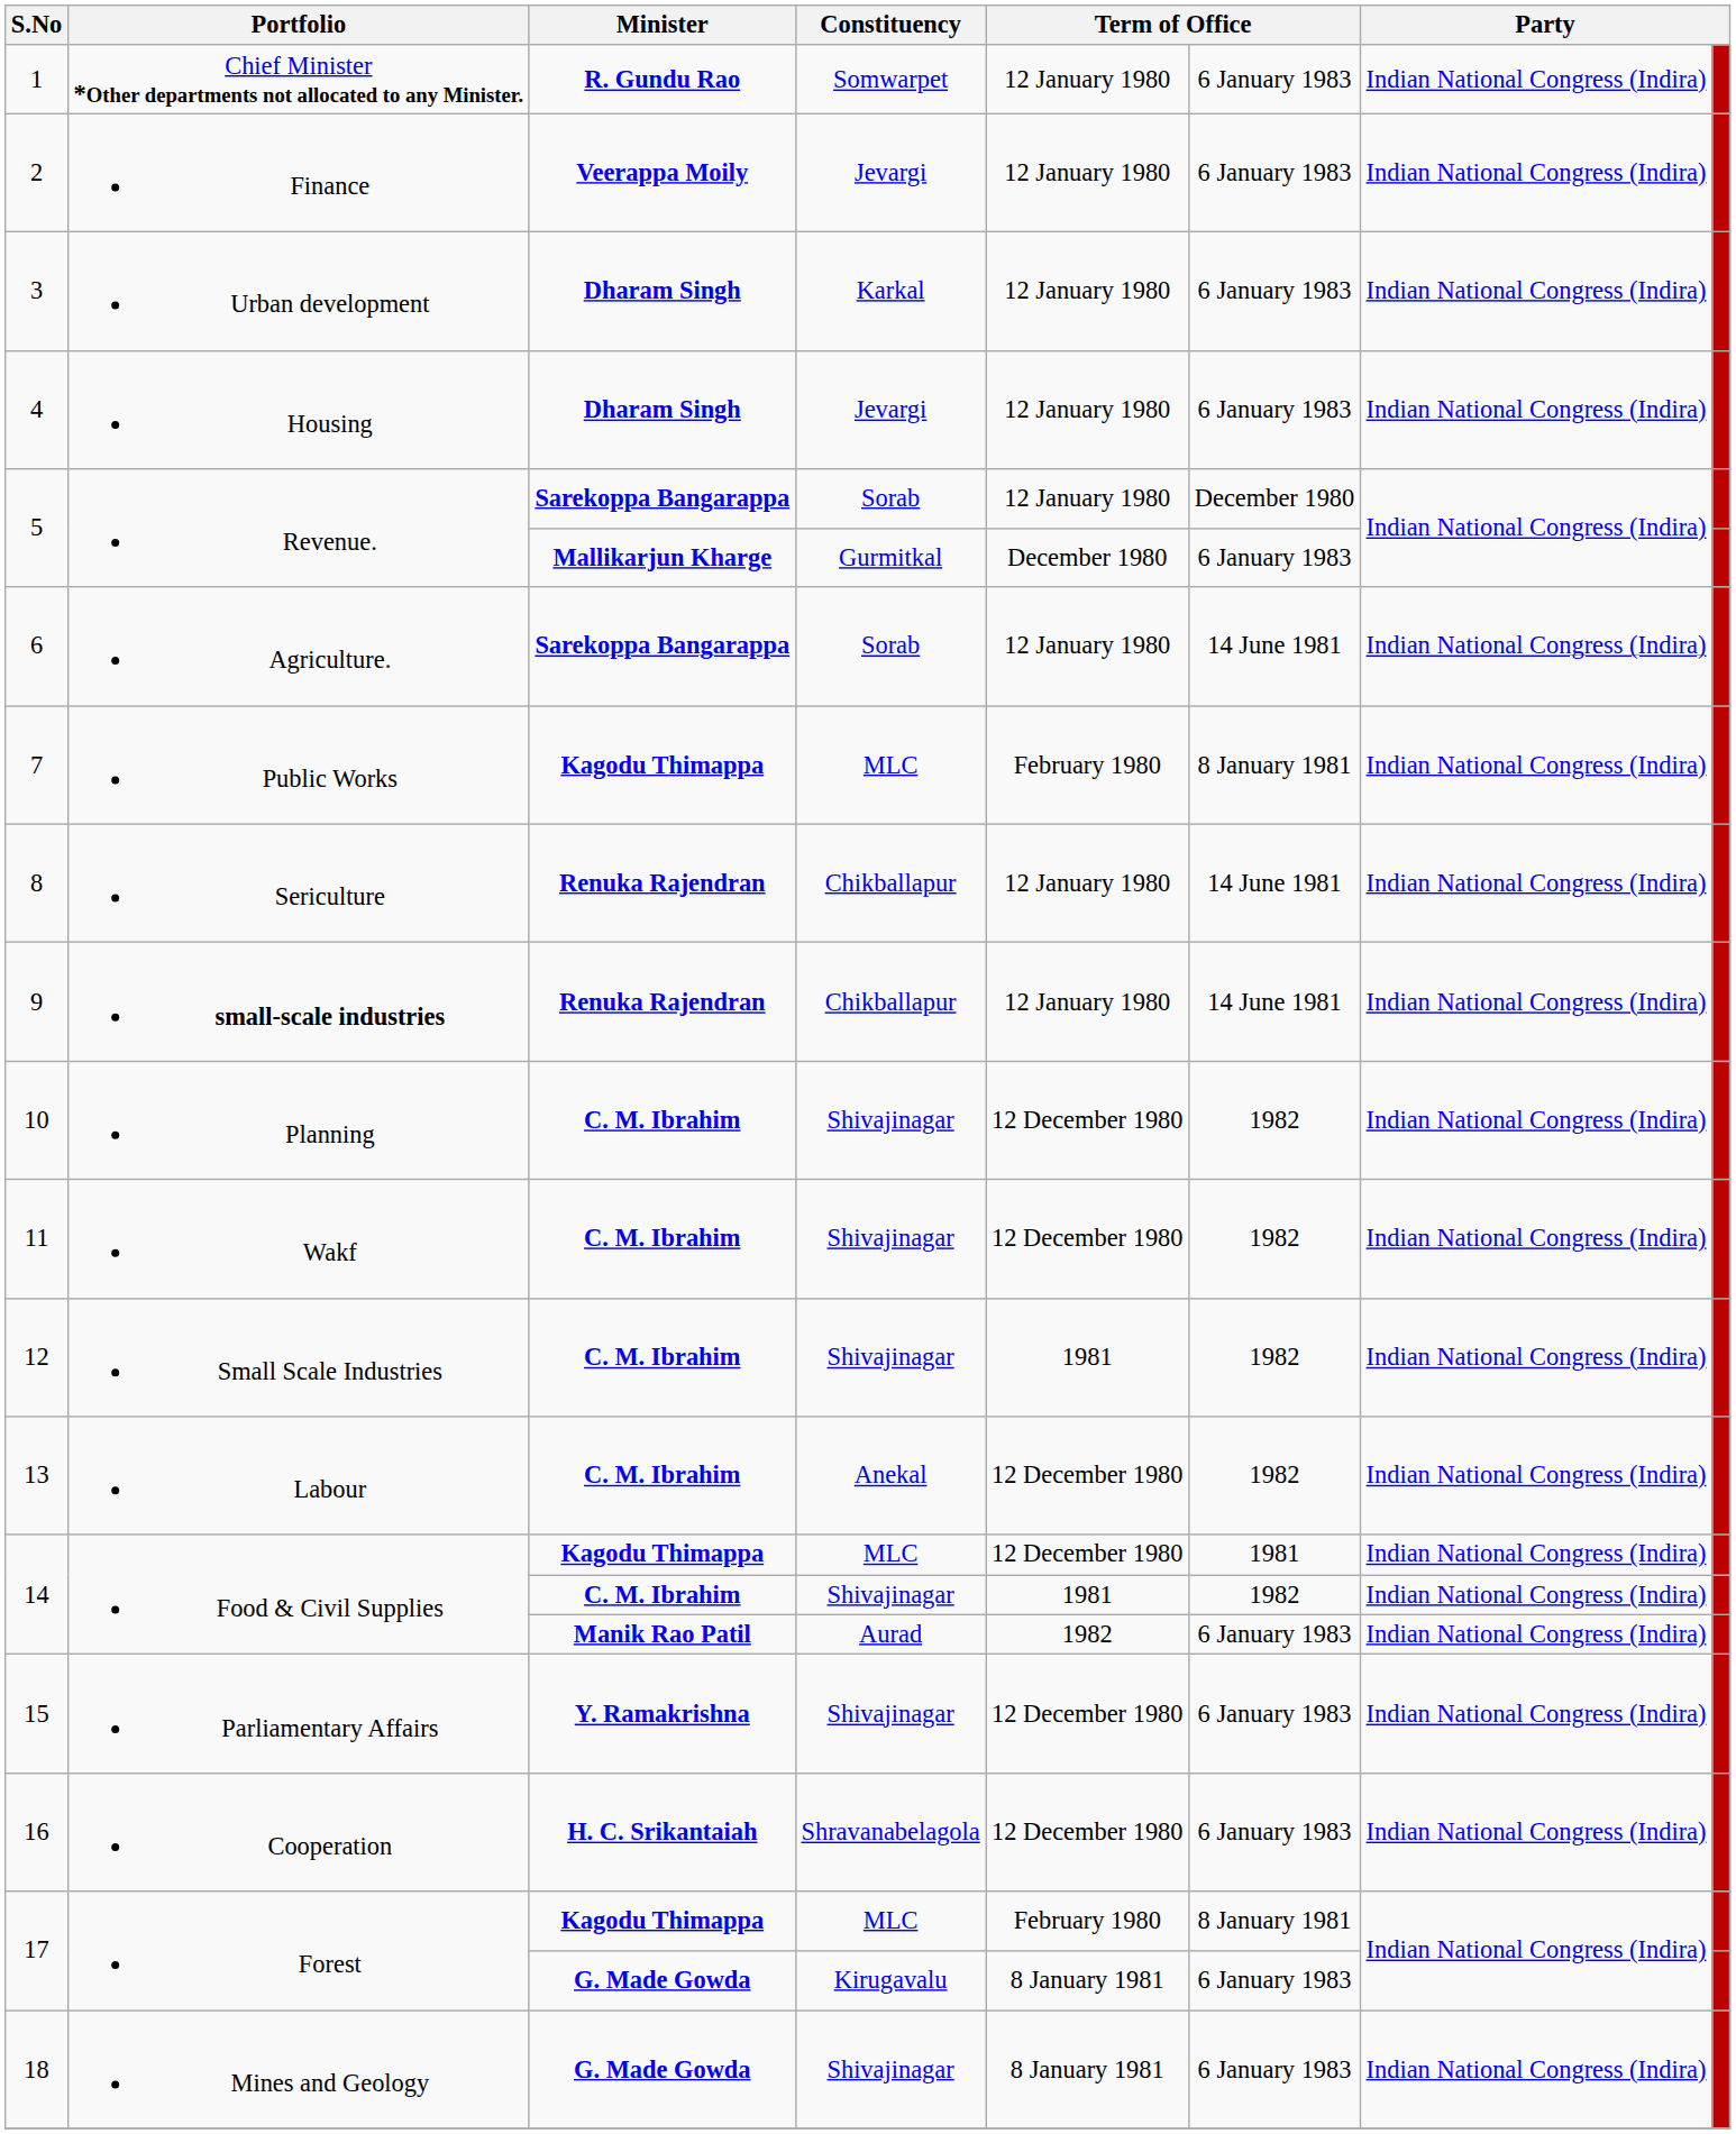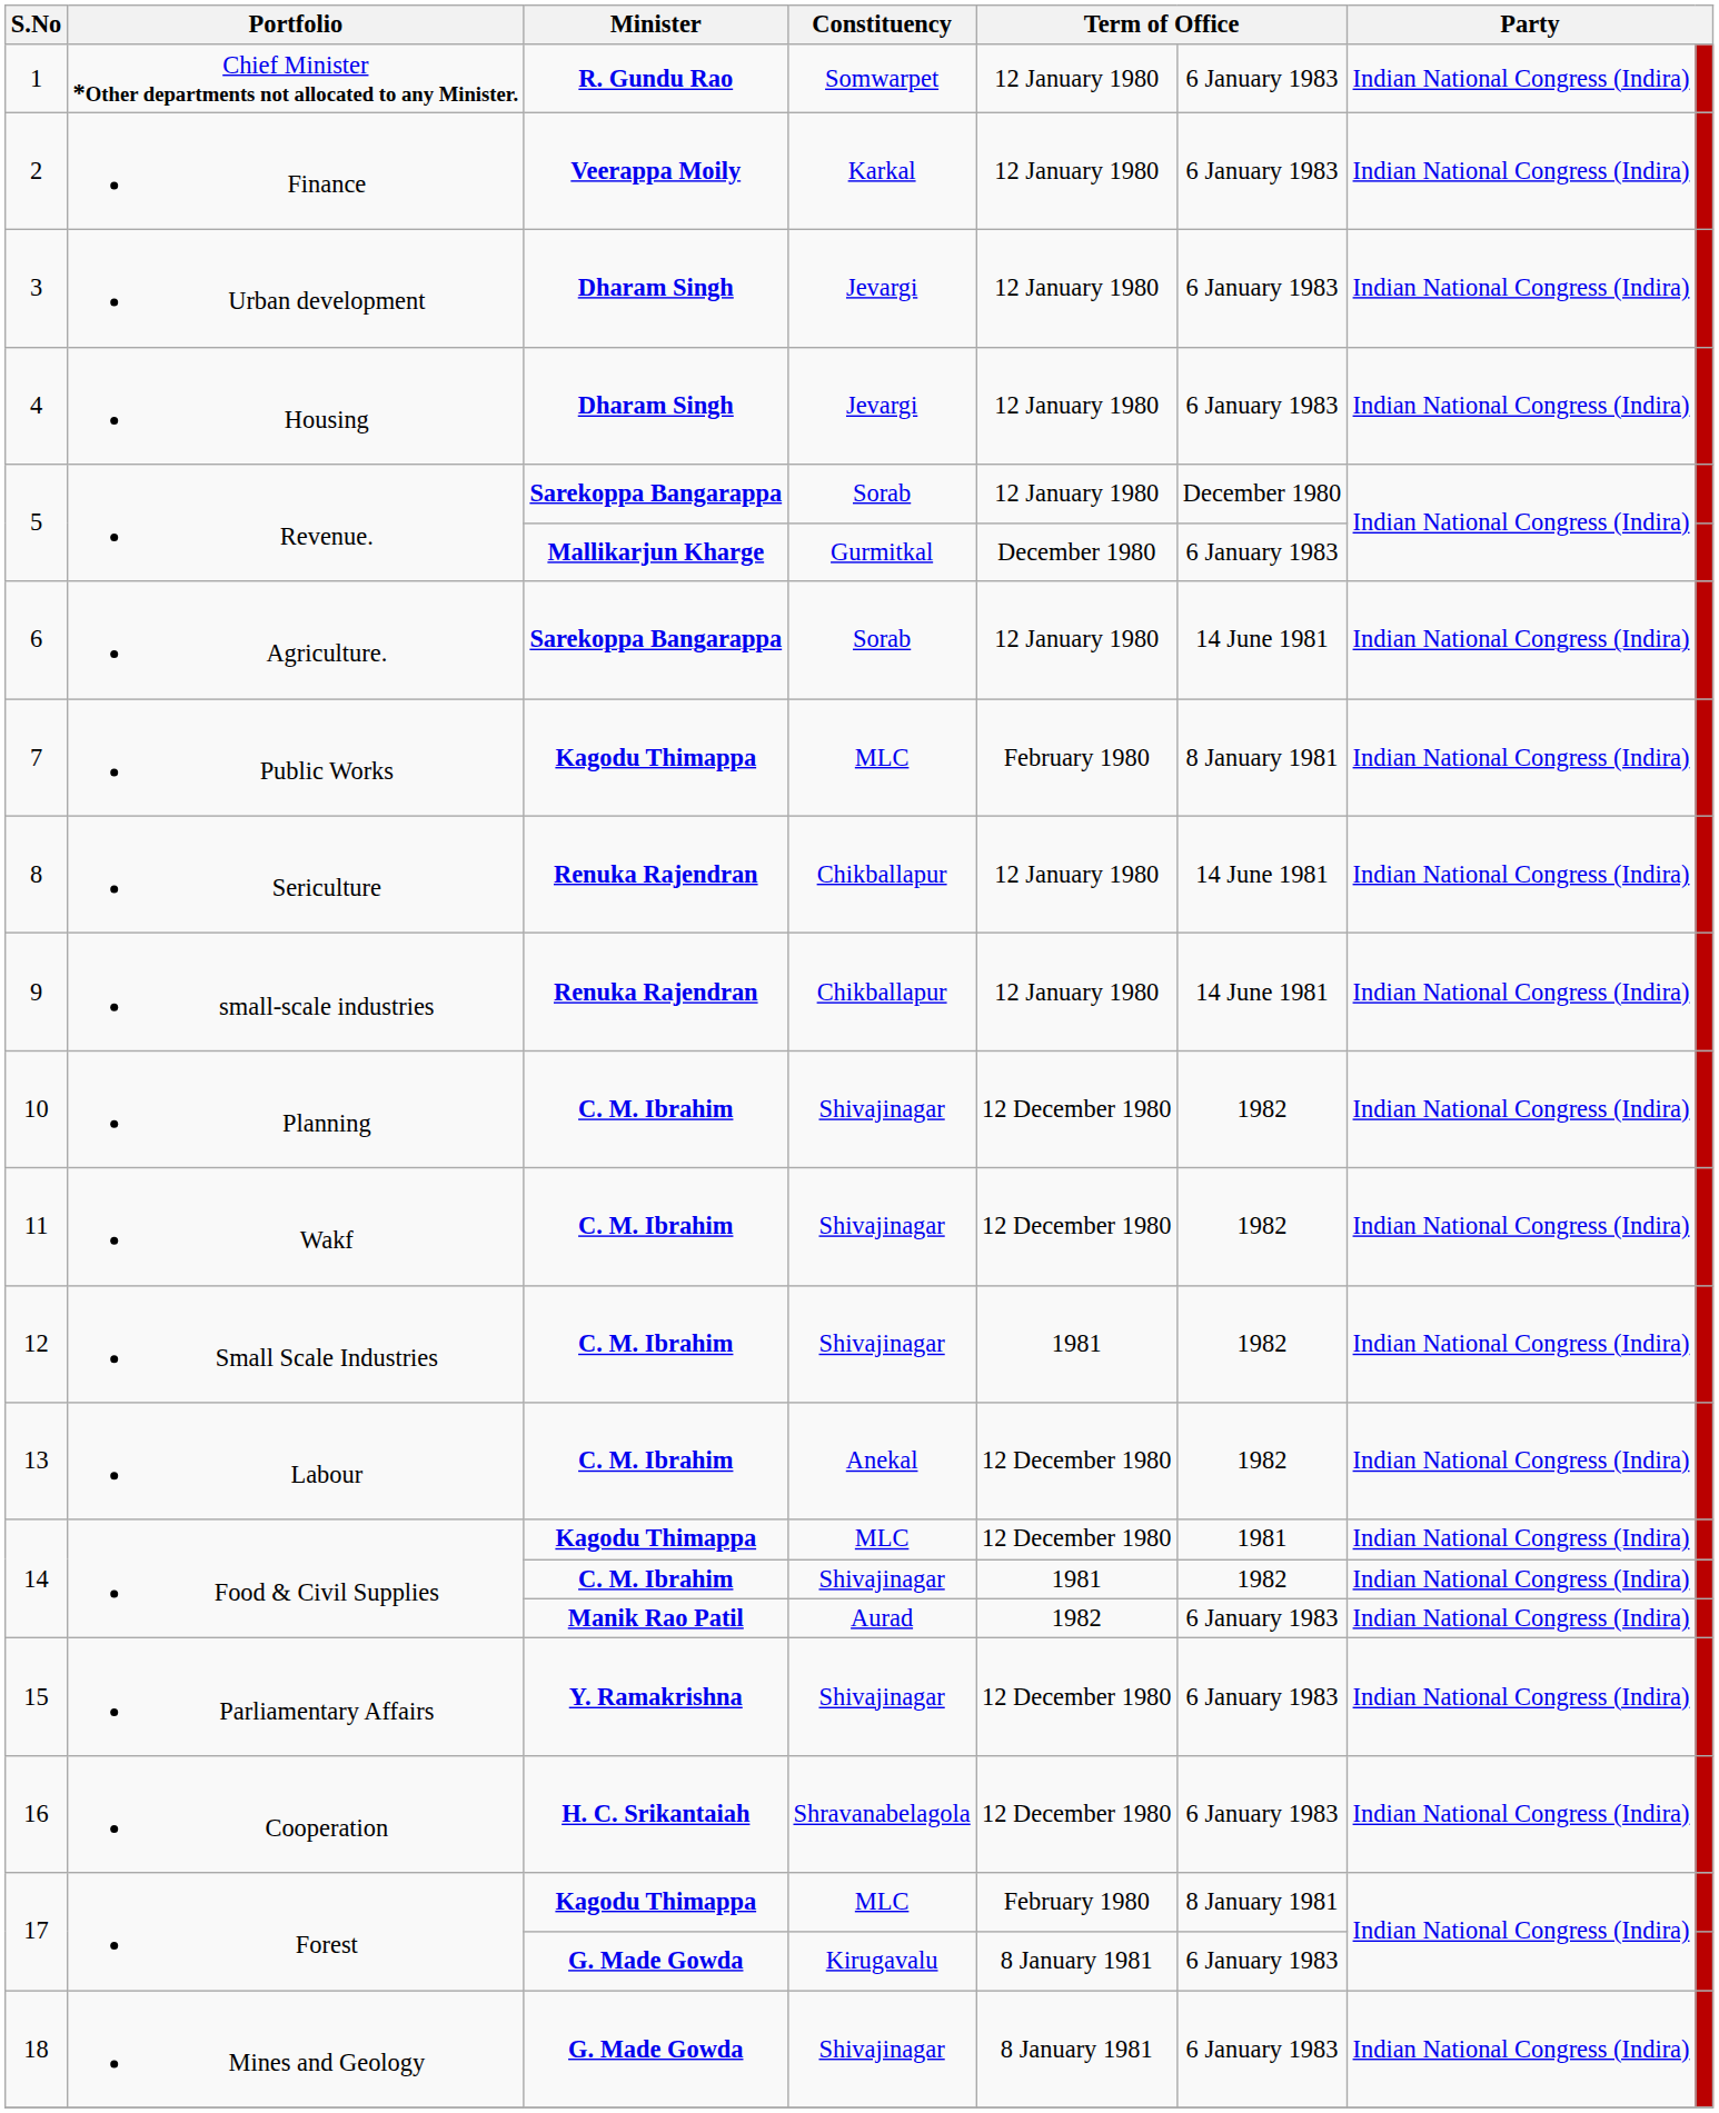 <table class="wikitable sortable" style="text-align:center;">
 <tr>
 <th>S.No</th>
 <th>Portfolio</th>
 <th>Minister</th>
 <th>Constituency</th>
 <th colspan="2">Term of Office</th>
 <th colspan="2" scope="col">Party</th>
 </tr>
 <tr>
 <td>1</td>
 <td><a href='#'>Chief Minister</a><br><strong>*<small>Other departments not allocated to any Minister.</small></strong></td>
 <td><strong><a href='#'>R. Gundu Rao</a></strong><br></td>
 <td><a href='#'>Somwarpet</a></td>
 <td>12 January 1980</td>
 <td>6 January 1983</td>
 <td><a href='#'>Indian National Congress (Indira)</a></td>
 <td width="4px" bgcolor="background-color: "></td>
 </tr>
 <tr style="text-align:center">
 <td>2</td>
 <td><br><ul><li>Finance</li></ul></td>
 <td><strong><a href='#'>Veerappa Moily</a></strong></td>
-<td><a href='#'>Jevargi</a></td>
+<td><a href='#'>Karkal</a></td>
 <td>12 January 1980</td>
 <td>6 January 1983</td>
 <td><a href='#'>Indian National Congress (Indira)</a></td>
 <td width="4px" bgcolor="background-color: "></td>
 </tr>
 <tr>
 <td>3</td>
 <td><br><ul><li>Urban development</li></ul></td>
 <td><strong><a href='#'>Dharam Singh</a></strong></td>
-<td><a href='#'>Karkal</a></td>
+<td><a href='#'>Jevargi</a></td>
 <td>12 January 1980</td>
 <td>6 January 1983</td>
 <td><a href='#'>Indian National Congress (Indira)</a></td>
 <td width="4px" bgcolor="background-color: "></td>
 </tr>
 <tr>
 <td>4</td>
 <td><br><ul><li>Housing</li></ul></td>
 <td><strong><a href='#'>Dharam Singh</a></strong></td>
 <td><a href='#'>Jevargi</a></td>
 <td>12 January 1980</td>
 <td>6 January 1983</td>
 <td><a href='#'>Indian National Congress (Indira)</a></td>
 <td width="4px" bgcolor="background-color: "></td>
 </tr>
 <tr style="text-align:center">
 <td rowspan="2">5</td>
 <td rowspan="2"><br><ul><li>Revenue.</li></ul></td>
 <td><strong><a href='#'>Sarekoppa Bangarappa</a></strong></td>
 <td><a href='#'>Sorab</a></td>
 <td>12 January 1980</td>
 <td>December 1980</td>
 <td rowspan="2"><a href='#'>Indian National Congress (Indira)</a></td>
 <td width="4px" bgcolor="background-color: "></td>
 </tr>
 <tr style="text-align:center">
 <td><strong><a href='#'>Mallikarjun Kharge</a></strong></td>
 <td><a href='#'>Gurmitkal</a></td>
 <td>December 1980</td>
 <td>6 January 1983</td>
 <td width="4px" bgcolor="background-color: "></td>
 </tr>
 <tr>
 <td>6</td>
 <td><br><ul><li>Agriculture.</li></ul></td>
 <td><strong><a href='#'>Sarekoppa Bangarappa</a></strong></td>
 <td><a href='#'>Sorab</a></td>
 <td>12 January 1980</td>
 <td>14 June 1981</td>
 <td><a href='#'>Indian National Congress (Indira)</a></td>
 <td width="4px" bgcolor="background-color: "></td>
 </tr>
 <tr style="text-align:center">
 <td>7</td>
 <td><br><ul><li>Public Works</li></ul></td>
 <td><strong><a href='#'>Kagodu Thimappa</a></strong></td>
 <td><a href='#'>MLC</a></td>
 <td>February 1980</td>
 <td>8 January 1981</td>
 <td><a href='#'>Indian National Congress (Indira)</a></td>
 <td width="4px" bgcolor="background-color: "></td>
 </tr>
 <tr>
 <td>8</td>
 <td><br><ul><li>Sericulture</li></ul></td>
 <td><strong><a href='#'>Renuka Rajendran</a></strong></td>
 <td><a href='#'>Chikballapur</a></td>
 <td>12 January 1980</td>
 <td>14 June 1981</td>
 <td><a href='#'>Indian National Congress (Indira)</a></td>
 <td width="4px" bgcolor="background-color: "></td>
 </tr>
 <tr style="text-align:center">
 <td>9</td>
-<td><strong><br><ul><li>small-scale industries</li></ul></strong></td>
+<td><br><ul><li>small-scale industries</li></ul></td>
 <td><strong><a href='#'>Renuka Rajendran</a></strong></td>
 <td><a href='#'>Chikballapur</a></td>
 <td>12 January 1980</td>
 <td>14 June 1981</td>
 <td><a href='#'>Indian National Congress (Indira)</a></td>
 <td width="4px" bgcolor="background-color: "></td>
 </tr>
 <tr style="text-align:center">
 <td>10</td>
 <td><br><ul><li>Planning</li></ul></td>
 <td><strong><a href='#'>C. M. Ibrahim</a></strong></td>
 <td><a href='#'>Shivajinagar</a></td>
 <td>12 December 1980</td>
 <td>1982</td>
 <td><a href='#'>Indian National Congress (Indira)</a></td>
 <td width="4px" bgcolor="background-color: "></td>
 </tr>
 <tr style="text-align:center">
 <td>11</td>
 <td><br><ul><li>Wakf</li></ul></td>
 <td><strong><a href='#'>C. M. Ibrahim</a></strong></td>
 <td><a href='#'>Shivajinagar</a></td>
 <td>12 December 1980</td>
 <td>1982</td>
 <td><a href='#'>Indian National Congress (Indira)</a></td>
 <td width="4px" bgcolor="background-color: "></td>
 </tr>
 <tr style="text-align:center">
 <td>12</td>
 <td><br><ul><li>Small Scale Industries</li></ul></td>
 <td><strong><a href='#'>C. M. Ibrahim</a></strong></td>
 <td><a href='#'>Shivajinagar</a></td>
 <td>1981</td>
 <td>1982</td>
 <td><a href='#'>Indian National Congress (Indira)</a></td>
 <td width="4px" bgcolor="background-color: "></td>
 </tr>
 <tr style="text-align:center">
 <td>13</td>
 <td><br><ul><li>Labour</li></ul></td>
 <td><strong><a href='#'>C. M. Ibrahim</a></strong></td>
 <td><a href='#'>Anekal</a></td>
 <td>12 December 1980</td>
 <td>1982</td>
 <td><a href='#'>Indian National Congress (Indira)</a></td>
 <td width="4px" bgcolor="background-color: "></td>
 </tr>
 <tr style="text-align:center">
 <td rowspan="3">14</td>
 <td rowspan="3"><br><ul><li>Food & Civil Supplies</li></ul></td>
 <td><strong><a href='#'>Kagodu Thimappa</a></strong></td>
 <td><a href='#'>MLC</a></td>
 <td>12 December 1980</td>
 <td>1981</td>
 <td><a href='#'>Indian National Congress (Indira)</a></td>
 <td width="4px" bgcolor="background-color: "></td>
 </tr>
 <tr>
 <td><strong><a href='#'>C. M. Ibrahim</a></strong></td>
 <td><a href='#'>Shivajinagar</a></td>
 <td>1981</td>
 <td>1982</td>
 <td><a href='#'>Indian National Congress (Indira)</a></td>
 <td width="4px" bgcolor="background-color: "></td>
 </tr>
 <tr>
 <td><strong><a href='#'>Manik Rao Patil</a></strong></td>
 <td><a href='#'>Aurad</a></td>
 <td>1982</td>
 <td>6 January 1983</td>
 <td><a href='#'>Indian National Congress (Indira)</a></td>
 <td width="4px" bgcolor="background-color: "></td>
 </tr>
 <tr style="text-align:center">
 <td>15</td>
 <td><br><ul><li>Parliamentary Affairs</li></ul></td>
 <td><strong><a href='#'>Y. Ramakrishna</a></strong></td>
 <td><a href='#'>Shivajinagar</a></td>
 <td>12 December 1980</td>
 <td>6 January 1983</td>
 <td><a href='#'>Indian National Congress (Indira)</a></td>
 <td width="4px" bgcolor="background-color: "></td>
 </tr>
 <tr style="text-align:center">
 <td>16</td>
 <td><br><ul><li>Cooperation</li></ul></td>
 <td><strong><a href='#'>H. C. Srikantaiah</a></strong></td>
 <td><a href='#'>Shravanabelagola</a></td>
 <td>12 December 1980</td>
 <td>6 January 1983</td>
 <td><a href='#'>Indian National Congress (Indira)</a></td>
 <td width="4px" bgcolor="background-color: "></td>
 </tr>
 <tr style="text-align:center">
 <td rowspan="2">17</td>
 <td rowspan="2"><br><ul><li>Forest</li></ul></td>
 <td><strong><a href='#'>Kagodu Thimappa</a></strong></td>
 <td><a href='#'>MLC</a></td>
 <td>February 1980</td>
 <td>8 January 1981</td>
 <td rowspan="2"><a href='#'>Indian National Congress (Indira)</a></td>
 <td width="4px" bgcolor="background-color: "></td>
 </tr>
 <tr style="text-align:center">
 <td><strong><a href='#'>G. Made Gowda</a></strong></td>
 <td><a href='#'>Kirugavalu</a></td>
 <td>8 January 1981</td>
 <td>6 January 1983</td>
 <td width="4px" bgcolor="background-color: "></td>
 </tr>
 <tr>
 <td>18</td>
 <td><br><ul><li>Mines and Geology</li></ul></td>
 <td><strong><a href='#'>G. Made Gowda</a></strong></td>
 <td><a href='#'>Shivajinagar</a></td>
 <td>8 January 1981</td>
 <td>6 January 1983</td>
 <td><a href='#'>Indian National Congress (Indira)</a></td>
 <td width="4px" bgcolor="background-color: "></td>
 </tr>
 <tr style="text-align:center">
 </tr>
 </table>
